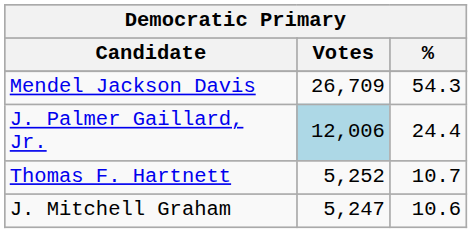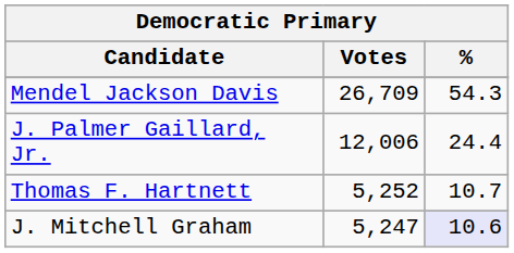 <table class="wikitable" style="margin: 1em 1em 1em 0; font-size: 95%;">
 <tr style="background-color:#E9E9E9">
 <th colspan="3">Democratic Primary</th>
 </tr>
 <tr style="background-color:#E9E9E9">
 <th colspan="1" style="width: 170px">Candidate</th>
 <th style="width: 50px">Votes</th>
 <th style="width: 40px">%</th>
 </tr>
 <tr>
 </tr>
 <tr>
 <td><a href='#'>Mendel Jackson Davis</a></td>
 <td align="right">26,709</td>
 <td align="right">54.3</td>
 </tr>
 <tr>
 <td><a href='#'>J. Palmer Gaillard, Jr.</a></td>
-<td align="right" style="background: lightblue;">12,006</td>
+<td align="right">12,006</td>
 <td align="right">24.4</td>
 </tr>
 <tr>
 <td><a href='#'>Thomas F. Hartnett</a></td>
 <td align="right">5,252</td>
 <td align="right">10.7</td>
 </tr>
 <tr>
 <td>J. Mitchell Graham</td>
 <td align="right">5,247</td>
-<td align="right">10.6</td>
+<td align="right" style="background: lavender;">10.6</td>
 </tr>
 </table>
